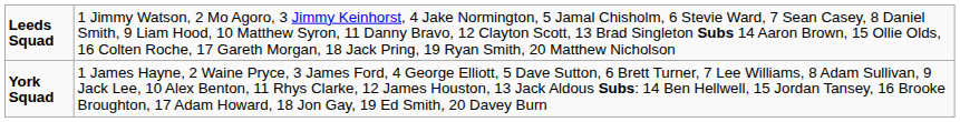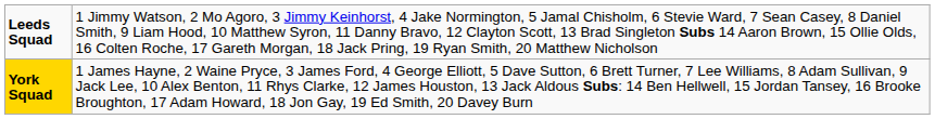 <table class="wikitable" style="font-size:85%;">
 <tr>
 <td><strong>Leeds Squad</strong></td>
 <td>1 Jimmy Watson, 2 Mo Agoro, 3 <a href='#'>Jimmy Keinhorst</a>, 4 Jake Normington, 5 Jamal Chisholm, 6 Stevie Ward, 7 Sean Casey, 8 Daniel Smith, 9 Liam Hood, 10 Matthew Syron, 11 Danny Bravo, 12 Clayton Scott, 13 Brad Singleton <strong>Subs</strong> 14 Aaron Brown, 15 Ollie Olds, 16 Colten Roche, 17 Gareth Morgan, 18 Jack Pring, 19 Ryan Smith, 20 Matthew Nicholson</td>
 </tr>
 <tr>
-<td><strong>York Squad</strong></td>
+<td style="background: gold;"><strong>York Squad</strong></td>
 <td>1 James Hayne, 2 Waine Pryce, 3 James Ford, 4 George Elliott, 5 Dave Sutton, 6 Brett Turner, 7 Lee Williams, 8 Adam Sullivan, 9 Jack Lee, 10 Alex Benton, 11 Rhys Clarke, 12 James Houston, 13 Jack Aldous <strong>Subs</strong>: 14 Ben Hellwell, 15 Jordan Tansey, 16 Brooke Broughton, 17 Adam Howard, 18 Jon Gay, 19 Ed Smith, 20 Davey Burn</td>
 </tr>
 </table>
